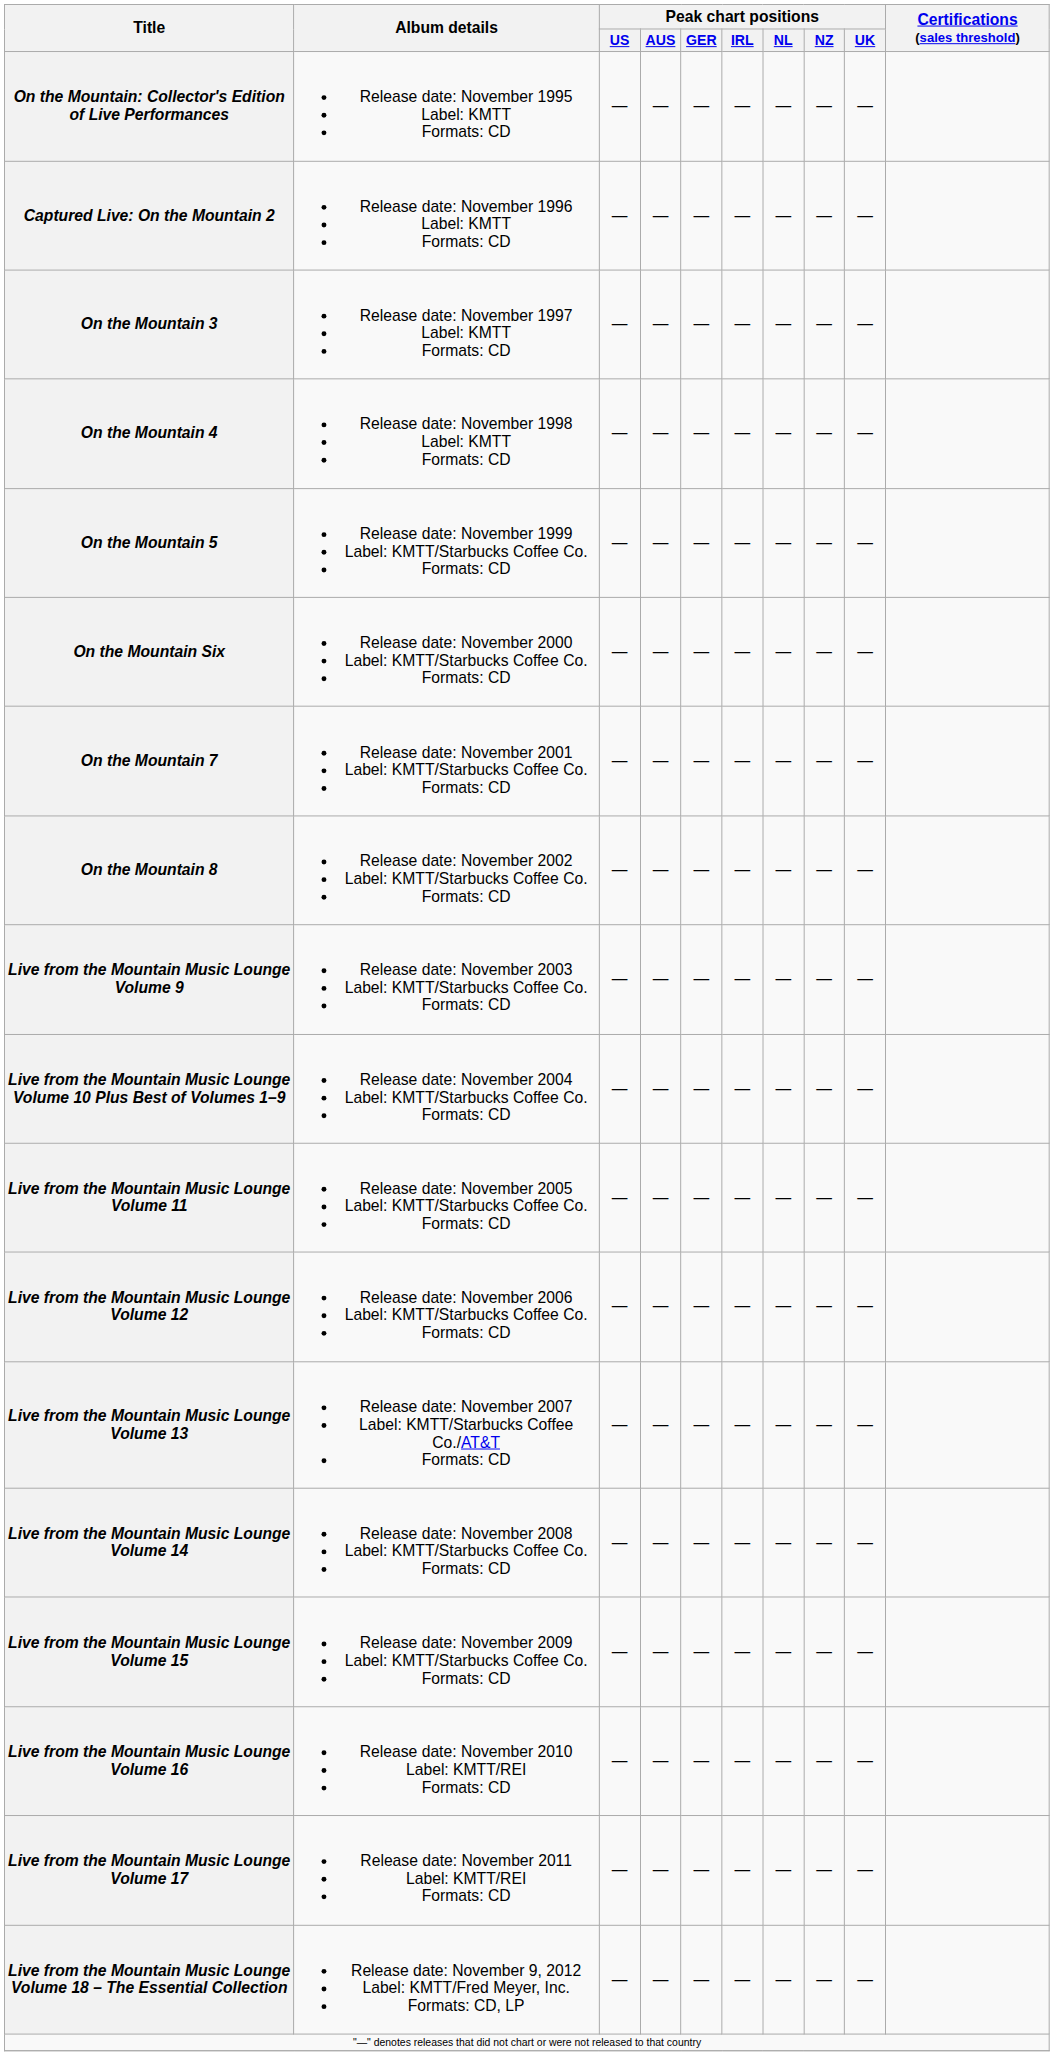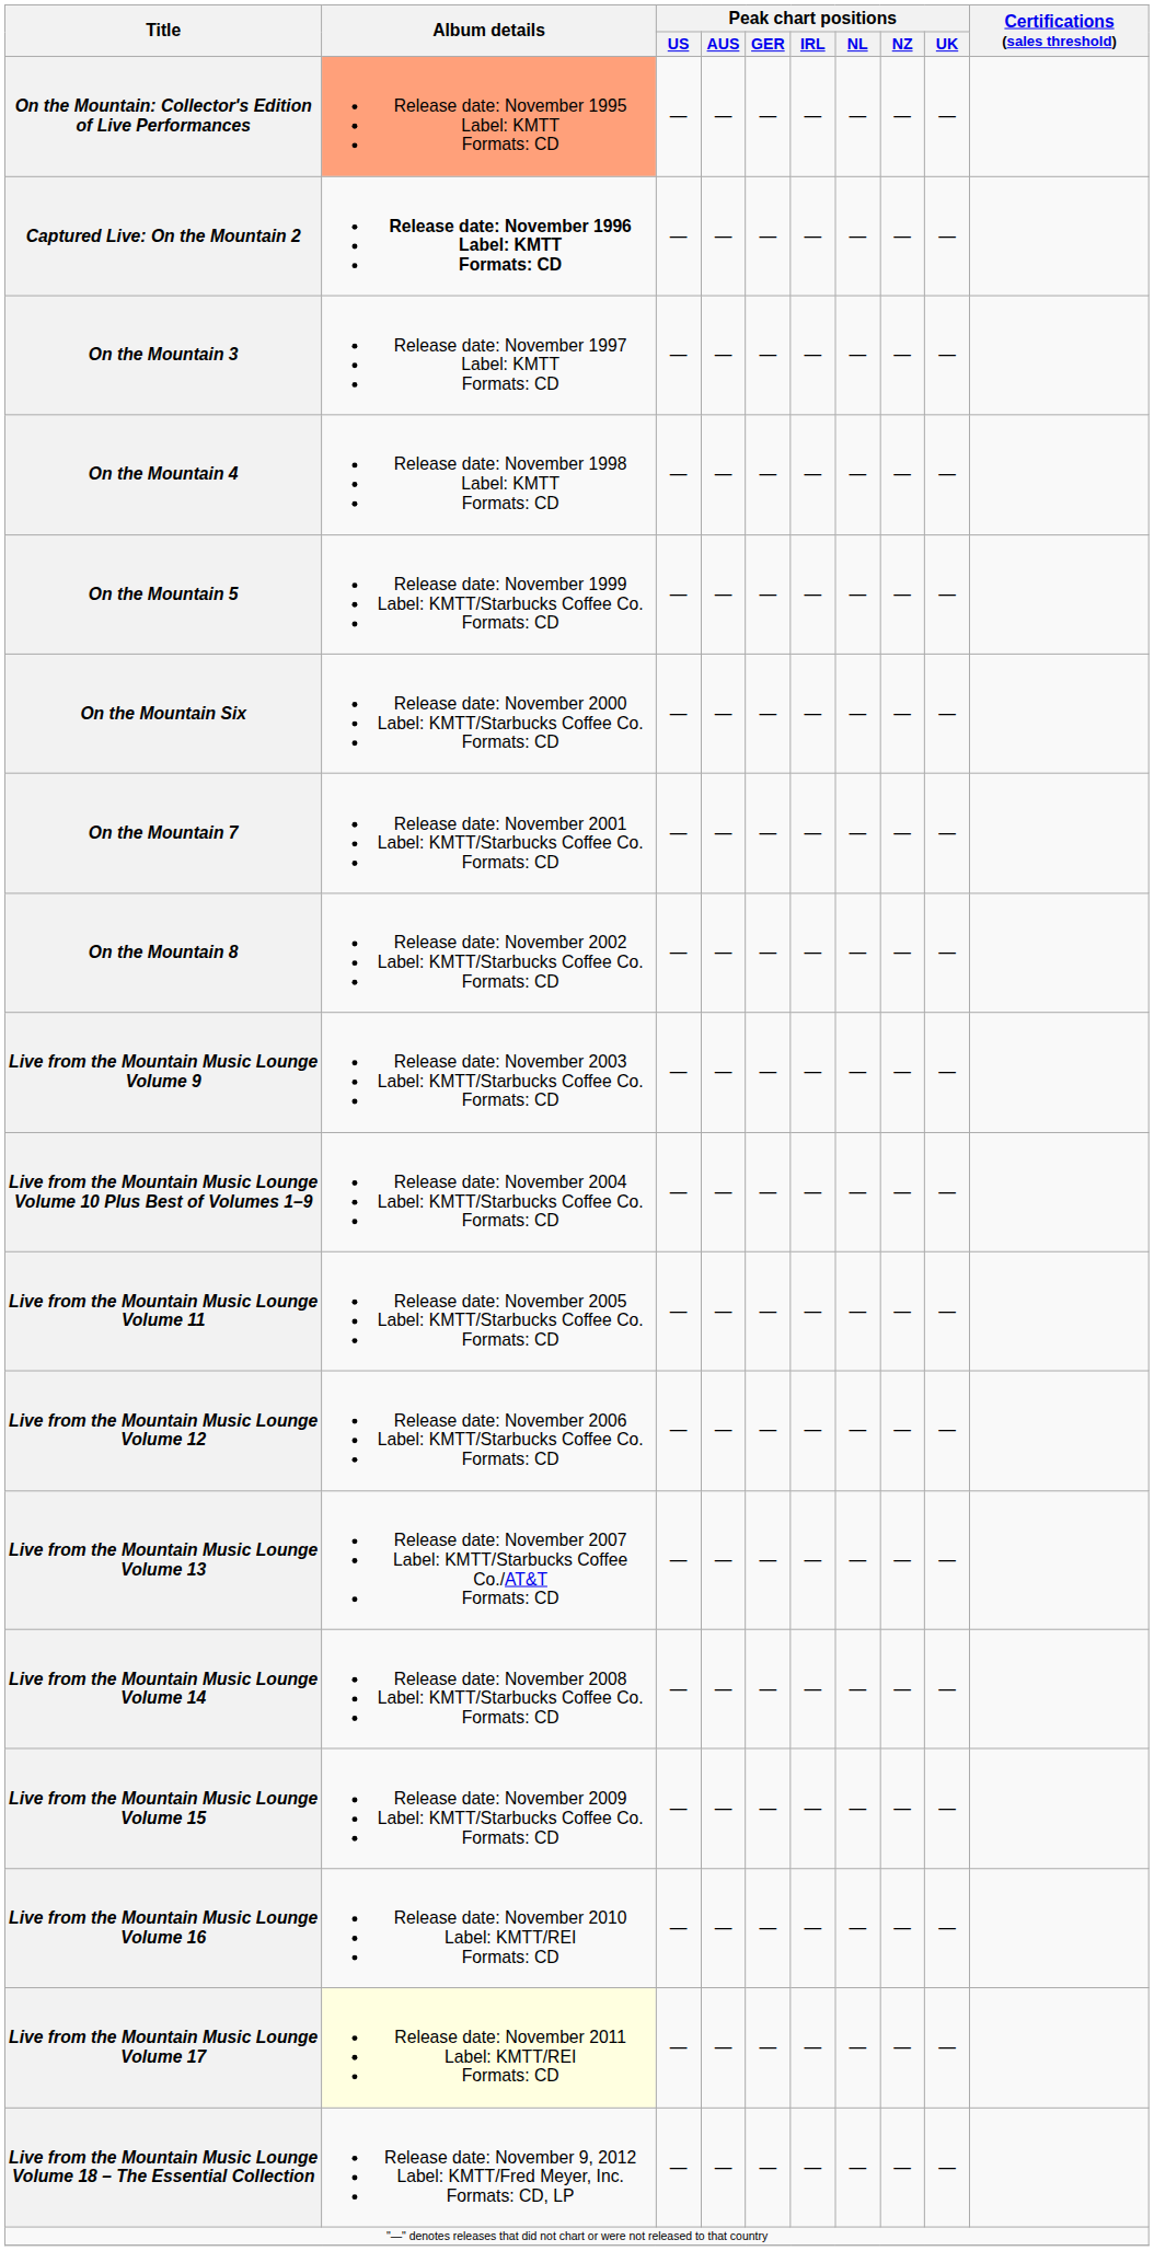 <table class="wikitable plainrowheaders" style="text-align:center;">
 <tr>
 <th rowspan="2" style="width:18em;">Title</th>
 <th rowspan="2" style="width:19em;">Album details</th>
 <th colspan="7">Peak chart positions</th>
 <th rowspan="2" style="width:10em;"><a href='#'>Certifications</a><br><small>(<a href='#'>sales threshold</a>)</small></th>
 </tr>
 <tr style="font-size:90%;">
 <th width="35"><a href='#'>US</a><br></th>
 <th width="35"><a href='#'>AUS</a><br></th>
 <th width="35"><a href='#'>GER</a><br></th>
 <th width="35"><a href='#'>IRL</a><br></th>
 <th width="35"><a href='#'>NL</a><br></th>
 <th width="35"><a href='#'>NZ</a><br></th>
 <th width="35"><a href='#'>UK</a><br></th>
 </tr>
 <tr>
 <th scope="row"><em>On the Mountain: Collector's Edition of Live Performances</em></th>
-<td><br><ul><li>Release date: November 1995</li><li>Label: KMTT</li><li>Formats: CD</li></ul></td>
+<td style="background: lightsalmon;"><br><ul><li>Release date: November 1995</li><li>Label: KMTT</li><li>Formats: CD</li></ul></td>
 <td>—</td>
 <td>—</td>
 <td>—</td>
 <td>—</td>
 <td>—</td>
 <td>—</td>
 <td>—</td>
 <td align="left"></td>
 </tr>
 <tr>
 <th scope="row"><em>Captured Live: On the Mountain 2</em></th>
-<td><br><ul><li>Release date: November 1996</li><li>Label: KMTT</li><li>Formats: CD</li></ul></td>
+<td><strong><br><ul><li>Release date: November 1996</li><li>Label: KMTT</li><li>Formats: CD</li></ul></strong></td>
 <td>—</td>
 <td>—</td>
 <td>—</td>
 <td>—</td>
 <td>—</td>
 <td>—</td>
 <td>—</td>
 <td align="left"></td>
 </tr>
 <tr>
 <th scope="row"><em>On the Mountain 3</em></th>
 <td><br><ul><li>Release date: November 1997</li><li>Label: KMTT</li><li>Formats: CD</li></ul></td>
 <td>—</td>
 <td>—</td>
 <td>—</td>
 <td>—</td>
 <td>—</td>
 <td>—</td>
 <td>—</td>
 <td align="left"></td>
 </tr>
 <tr>
 <th scope="row"><em>On the Mountain 4</em></th>
 <td><br><ul><li>Release date: November 1998</li><li>Label: KMTT</li><li>Formats: CD</li></ul></td>
 <td>—</td>
 <td>—</td>
 <td>—</td>
 <td>—</td>
 <td>—</td>
 <td>—</td>
 <td>—</td>
 <td align="left"></td>
 </tr>
 <tr>
 <th scope="row"><em>On the Mountain 5</em></th>
 <td><br><ul><li>Release date: November 1999</li><li>Label: KMTT/Starbucks Coffee Co.</li><li>Formats: CD</li></ul></td>
 <td>—</td>
 <td>—</td>
 <td>—</td>
 <td>—</td>
 <td>—</td>
 <td>—</td>
 <td>—</td>
 <td align="left"></td>
 </tr>
 <tr>
 <th scope="row"><em>On the Mountain Six</em></th>
 <td><br><ul><li>Release date: November 2000</li><li>Label: KMTT/Starbucks Coffee Co.</li><li>Formats: CD</li></ul></td>
 <td>—</td>
 <td>—</td>
 <td>—</td>
 <td>—</td>
 <td>—</td>
 <td>—</td>
 <td>—</td>
 <td align="left"></td>
 </tr>
 <tr>
 <th scope="row"><em>On the Mountain 7</em></th>
 <td><br><ul><li>Release date: November 2001</li><li>Label: KMTT/Starbucks Coffee Co.</li><li>Formats: CD</li></ul></td>
 <td>—</td>
 <td>—</td>
 <td>—</td>
 <td>—</td>
 <td>—</td>
 <td>—</td>
 <td>—</td>
 <td align="left"></td>
 </tr>
 <tr>
 <th scope="row"><em>On the Mountain 8</em></th>
 <td><br><ul><li>Release date: November 2002</li><li>Label: KMTT/Starbucks Coffee Co.</li><li>Formats: CD</li></ul></td>
 <td>—</td>
 <td>—</td>
 <td>—</td>
 <td>—</td>
 <td>—</td>
 <td>—</td>
 <td>—</td>
 <td align="left"></td>
 </tr>
 <tr>
 <th scope="row"><em>Live from the Mountain Music Lounge Volume 9</em></th>
 <td><br><ul><li>Release date: November 2003</li><li>Label: KMTT/Starbucks Coffee Co.</li><li>Formats: CD</li></ul></td>
 <td>—</td>
 <td>—</td>
 <td>—</td>
 <td>—</td>
 <td>—</td>
 <td>—</td>
 <td>—</td>
 <td align="left"></td>
 </tr>
 <tr>
 <th scope="row"><em>Live from the Mountain Music Lounge Volume 10 Plus Best of Volumes 1–9</em></th>
 <td><br><ul><li>Release date: November 2004</li><li>Label: KMTT/Starbucks Coffee Co.</li><li>Formats: CD</li></ul></td>
 <td>—</td>
 <td>—</td>
 <td>—</td>
 <td>—</td>
 <td>—</td>
 <td>—</td>
 <td>—</td>
 <td align="left"></td>
 </tr>
 <tr>
 <th scope="row"><em>Live from the Mountain Music Lounge Volume 11</em></th>
 <td><br><ul><li>Release date: November 2005</li><li>Label: KMTT/Starbucks Coffee Co.</li><li>Formats: CD</li></ul></td>
 <td>—</td>
 <td>—</td>
 <td>—</td>
 <td>—</td>
 <td>—</td>
 <td>—</td>
 <td>—</td>
 <td align="left"></td>
 </tr>
 <tr>
 <th scope="row"><em>Live from the Mountain Music Lounge Volume 12</em></th>
 <td><br><ul><li>Release date: November 2006</li><li>Label: KMTT/Starbucks Coffee Co.</li><li>Formats: CD</li></ul></td>
 <td>—</td>
 <td>—</td>
 <td>—</td>
 <td>—</td>
 <td>—</td>
 <td>—</td>
 <td>—</td>
 <td align="left"></td>
 </tr>
 <tr>
 <th scope="row"><em>Live from the Mountain Music Lounge Volume 13</em></th>
 <td><br><ul><li>Release date: November 2007</li><li>Label: KMTT/Starbucks Coffee Co./<a href='#'>AT&T</a></li><li>Formats: CD</li></ul></td>
 <td>—</td>
 <td>—</td>
 <td>—</td>
 <td>—</td>
 <td>—</td>
 <td>—</td>
 <td>—</td>
 <td align="left"></td>
 </tr>
 <tr>
 <th scope="row"><em>Live from the Mountain Music Lounge Volume 14</em></th>
 <td><br><ul><li>Release date: November 2008</li><li>Label: KMTT/Starbucks Coffee Co.</li><li>Formats: CD</li></ul></td>
 <td>—</td>
 <td>—</td>
 <td>—</td>
 <td>—</td>
 <td>—</td>
 <td>—</td>
 <td>—</td>
 <td align="left"></td>
 </tr>
 <tr>
 <th scope="row"><em>Live from the Mountain Music Lounge Volume 15</em></th>
 <td><br><ul><li>Release date: November 2009</li><li>Label: KMTT/Starbucks Coffee Co.</li><li>Formats: CD</li></ul></td>
 <td>—</td>
 <td>—</td>
 <td>—</td>
 <td>—</td>
 <td>—</td>
 <td>—</td>
 <td>—</td>
 <td align="left"></td>
 </tr>
 <tr>
 <th scope="row"><em>Live from the Mountain Music Lounge Volume 16</em></th>
 <td><br><ul><li>Release date: November 2010</li><li>Label: KMTT/REI</li><li>Formats: CD</li></ul></td>
 <td>—</td>
 <td>—</td>
 <td>—</td>
 <td>—</td>
 <td>—</td>
 <td>—</td>
 <td>—</td>
 <td align="left"></td>
 </tr>
 <tr>
 <th scope="row"><em>Live from the Mountain Music Lounge Volume 17</em></th>
-<td><br><ul><li>Release date: November 2011</li><li>Label: KMTT/REI</li><li>Formats: CD</li></ul></td>
+<td style="background: lightyellow;"><br><ul><li>Release date: November 2011</li><li>Label: KMTT/REI</li><li>Formats: CD</li></ul></td>
 <td>—</td>
 <td>—</td>
 <td>—</td>
 <td>—</td>
 <td>—</td>
 <td>—</td>
 <td>—</td>
 <td align="left"></td>
 </tr>
 <tr>
 <th scope="row"><em>Live from the Mountain Music Lounge Volume 18 – The Essential Collection</em></th>
 <td><br><ul><li>Release date: November 9, 2012</li><li>Label: KMTT/Fred Meyer, Inc.</li><li>Formats: CD, LP</li></ul></td>
 <td>—</td>
 <td>—</td>
 <td>—</td>
 <td>—</td>
 <td>—</td>
 <td>—</td>
 <td>—</td>
 <td align="left"></td>
 </tr>
 <tr>
 <td colspan="10" style="font-size:8pt">"—" denotes releases that did not chart or were not released to that country</td>
 </tr>
 <tr>
 </tr>
 </table>
